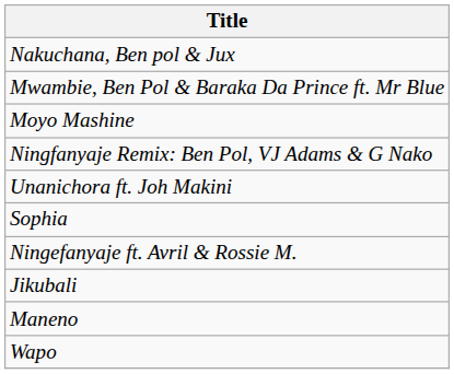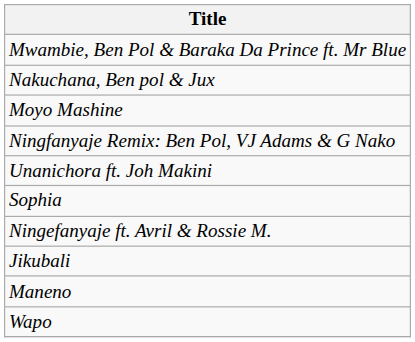 <table class="wikitable">
 <tr>
 <th>Title</th>
 </tr>
 <tr>
-<td><em>Nakuchana, Ben pol & Jux</em></td>
+<td><em>Mwambie, Ben Pol & Baraka Da Prince ft. Mr Blue</em></td>
 </tr>
 <tr>
-<td><em>Mwambie, Ben Pol & Baraka Da Prince ft. Mr Blue</em></td>
+<td><em>Nakuchana, Ben pol & Jux</em></td>
 </tr>
 <tr>
 <td><em>Moyo Mashine</em></td>
 </tr>
 <tr>
 <td><em>Ningfanyaje Remix: Ben Pol, VJ Adams & G Nako</em></td>
 </tr>
 <tr>
 <td><em>Unanichora ft. Joh Makini</em></td>
 </tr>
 <tr>
 <td><em>Sophia</em></td>
 </tr>
 <tr>
 <td><em>Ningefanyaje ft. Avril & Rossie M.</em></td>
 </tr>
 <tr>
 <td><em>Jikubali</em></td>
 </tr>
 <tr>
 <td><em>Maneno</em></td>
 </tr>
 <tr>
 <td><em>Wapo</em></td>
 </tr>
 <tr>
 </tr>
 </table>
